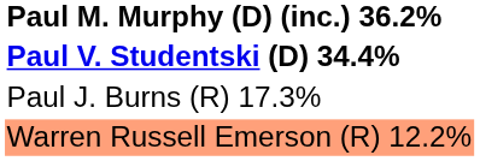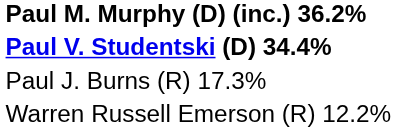 <table>
 <tr>
 <td><strong>Paul M. Murphy (D) (inc.) 36.2%</strong></td>
 </tr>
 <tr>
 <td><strong><a href='#'>Paul V. Studentski</a> (D) 34.4%</strong></td>
 </tr>
 <tr>
 <td>Paul J. Burns (R) 17.3%</td>
 </tr>
 <tr>
-<td style="background: lightsalmon;">Warren Russell Emerson (R) 12.2%</td>
+<td>Warren Russell Emerson (R) 12.2%</td>
 </tr>
 </table>
